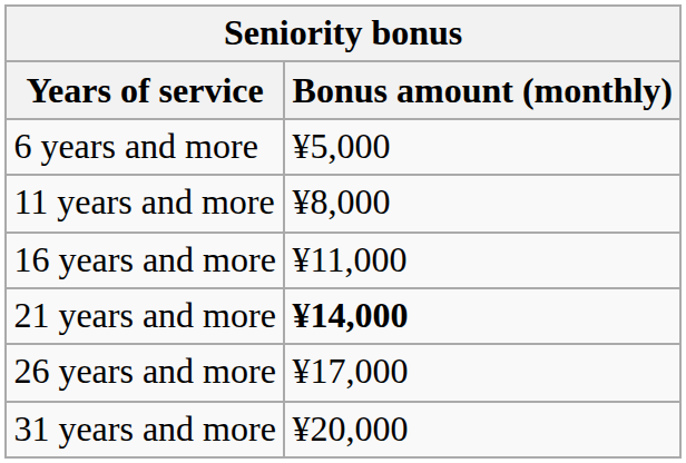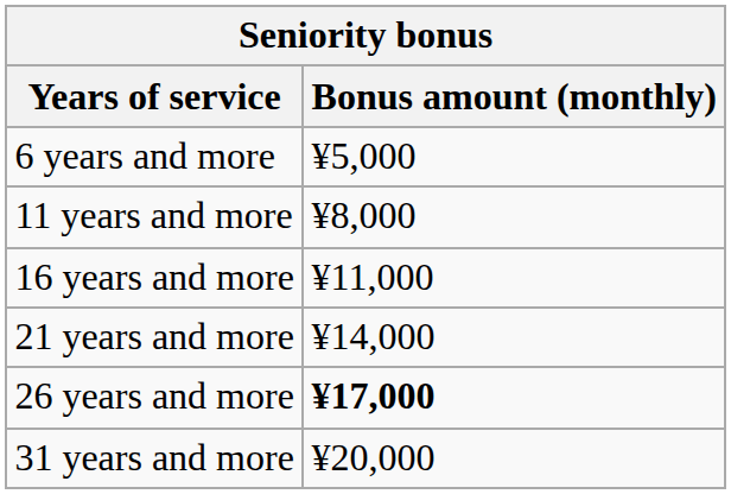 <table class="wikitable">
 <tr>
 <th colspan="2">Seniority bonus</th>
 </tr>
 <tr>
 <th>Years of service</th>
 <th>Bonus amount (monthly)</th>
 </tr>
 <tr>
 <td>6 years and more</td>
 <td>¥5,000</td>
 </tr>
 <tr>
 <td>11 years and more</td>
 <td>¥8,000</td>
 </tr>
 <tr>
 <td>16 years and more</td>
 <td>¥11,000</td>
 </tr>
 <tr>
 <td>21 years and more</td>
-<td><strong>¥14,000</strong></td>
+<td>¥14,000</td>
 </tr>
 <tr>
 <td>26 years and more</td>
-<td>¥17,000</td>
+<td><strong>¥17,000</strong></td>
 </tr>
 <tr>
 <td>31 years and more</td>
 <td>¥20,000</td>
 </tr>
 </table>
